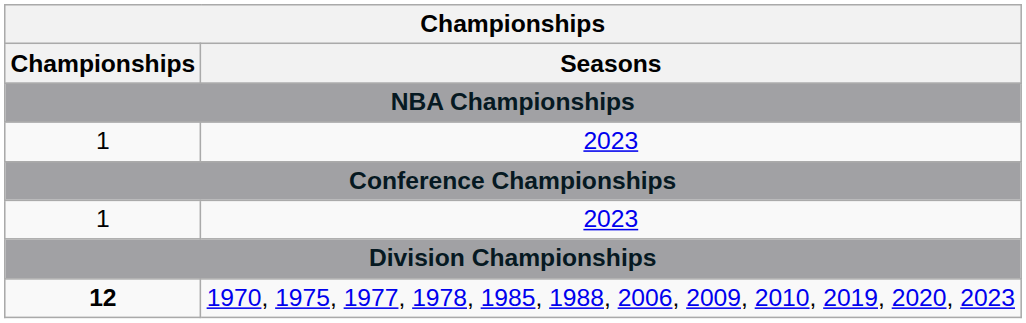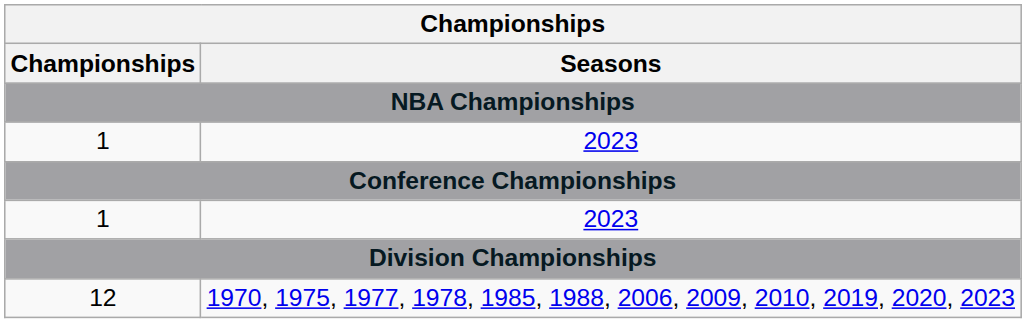 <table class="wikitable sortable" style="text-align:center">
 <tr>
 <th colspan="5" style="text-align:center; ">Championships</th>
 </tr>
 <tr>
 <th style="text-align:center; ">Championships</th>
 <th style="text-align:center; ">Seasons</th>
 </tr>
 <tr>
 <th colspan="5" style="text-align:center; background:#A1A1A4; color:#061922;">NBA Championships</th>
 </tr>
 <tr>
 <td>1</td>
 <td><a href='#'>2023</a></td>
 </tr>
 <tr>
 <th colspan="5" style="text-align:center; background:#A1A1A4; color:#061922;">Conference Championships</th>
 </tr>
 <tr>
 <td>1</td>
 <td><a href='#'>2023</a></td>
 </tr>
 <tr>
 <th colspan="5" style="text-align:center; background:#A1A1A4; color:#061922;">Division Championships</th>
 </tr>
 <tr>
-<td><strong>12</strong></td>
+<td>12</td>
 <td><a href='#'>1970</a>, <a href='#'>1975</a>, <a href='#'>1977</a>, <a href='#'>1978</a>, <a href='#'>1985</a>, <a href='#'>1988</a>, <a href='#'>2006</a>, <a href='#'>2009</a>, <a href='#'>2010</a>, <a href='#'>2019</a>, <a href='#'>2020</a>, <a href='#'>2023</a></td>
 </tr>
 </table>
